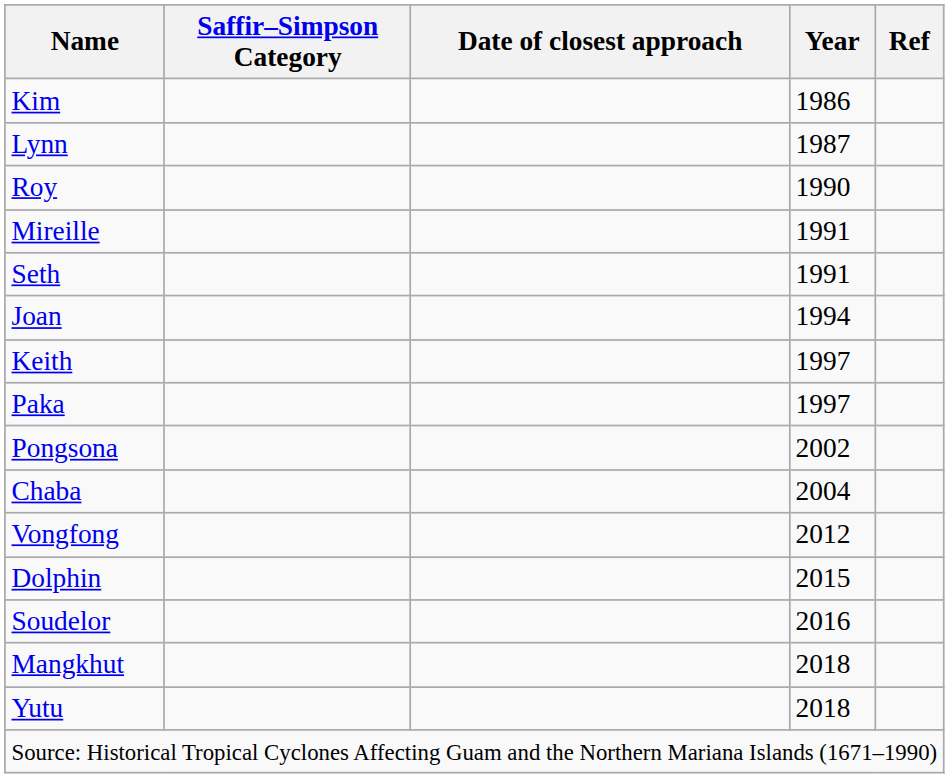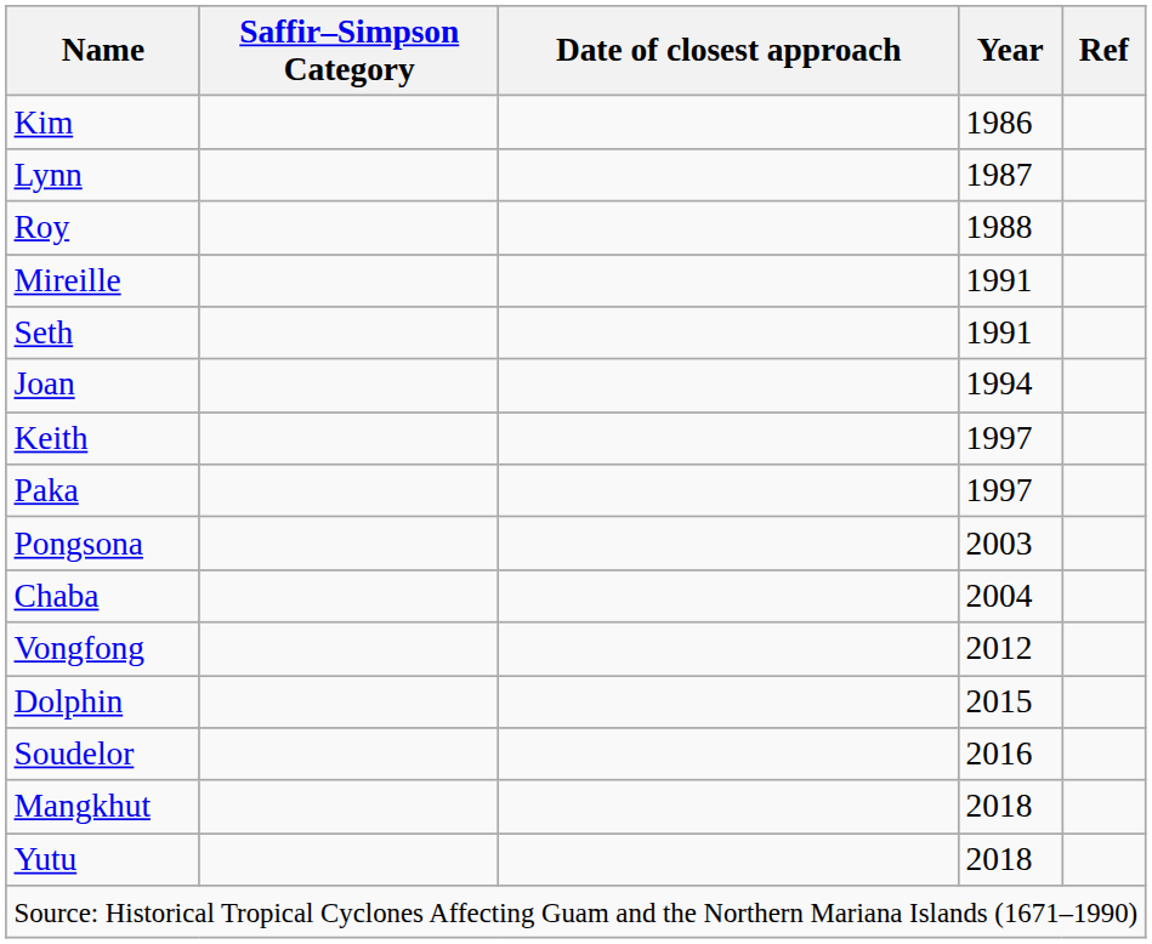 <table class = "wikitable" style="margin:1em auto;">
 <tr>
 <th>Name</th>
 <th><a href='#'>Saffir–Simpson</a><br>Category</th>
 <th>Date of closest approach</th>
 <th>Year</th>
 <th>Ref</th>
 </tr>
 <tr>
 <td><a href='#'>Kim</a></td>
 <td></td>
 <td></td>
 <td>1986</td>
 <td></td>
 </tr>
 <tr>
 <td><a href='#'>Lynn</a></td>
 <td></td>
 <td></td>
 <td>1987</td>
 <td></td>
 </tr>
 <tr>
 <td><a href='#'>Roy</a></td>
 <td></td>
 <td></td>
-<td>1990</td>
+<td>1988</td>
 <td></td>
 </tr>
 <tr>
 <td><a href='#'>Mireille</a></td>
 <td></td>
 <td></td>
 <td>1991</td>
 <td></td>
 </tr>
 <tr>
 <td><a href='#'>Seth</a></td>
 <td></td>
 <td></td>
 <td>1991</td>
 <td></td>
 </tr>
 <tr>
 <td><a href='#'>Joan</a></td>
 <td></td>
 <td></td>
 <td>1994</td>
 <td></td>
 </tr>
 <tr>
 <td><a href='#'>Keith</a></td>
 <td></td>
 <td></td>
 <td>1997</td>
 <td></td>
 </tr>
 <tr>
 <td><a href='#'>Paka</a></td>
 <td></td>
 <td></td>
 <td>1997</td>
 <td></td>
 </tr>
 <tr>
 <td><a href='#'>Pongsona</a></td>
 <td></td>
 <td></td>
-<td>2002</td>
+<td>2003</td>
 <td></td>
 </tr>
 <tr>
 <td><a href='#'>Chaba</a></td>
 <td></td>
 <td></td>
 <td>2004</td>
 <td></td>
 </tr>
 <tr>
 <td><a href='#'>Vongfong</a></td>
 <td></td>
 <td></td>
 <td>2012</td>
 <td></td>
 </tr>
 <tr>
 <td><a href='#'>Dolphin</a></td>
 <td></td>
 <td></td>
 <td>2015</td>
 <td></td>
 </tr>
 <tr>
 <td><a href='#'>Soudelor</a></td>
 <td></td>
 <td></td>
 <td>2016</td>
 <td></td>
 </tr>
 <tr>
 <td><a href='#'>Mangkhut</a></td>
 <td></td>
 <td></td>
 <td>2018</td>
 <td></td>
 </tr>
 <tr>
 <td><a href='#'>Yutu</a></td>
 <td></td>
 <td></td>
 <td>2018</td>
 <td></td>
 </tr>
 <tr>
 <td colspan="9"><small>Source: Historical Tropical Cyclones Affecting Guam and the Northern Mariana Islands (1671–1990)</small></td>
 </tr>
 </table>
